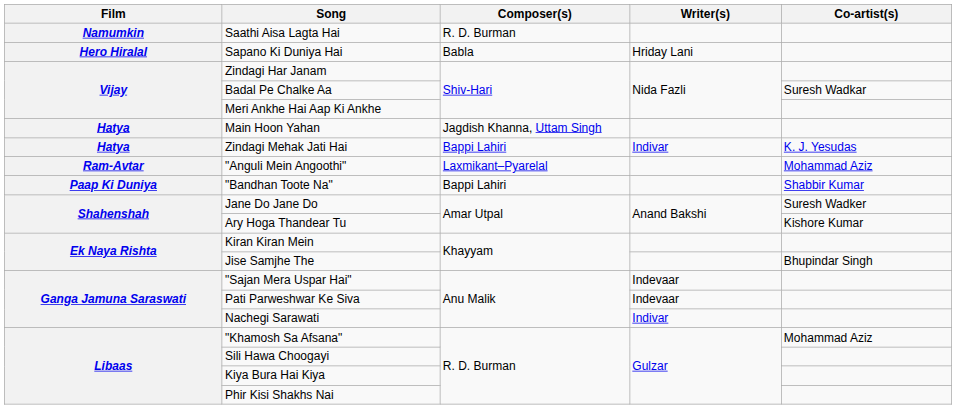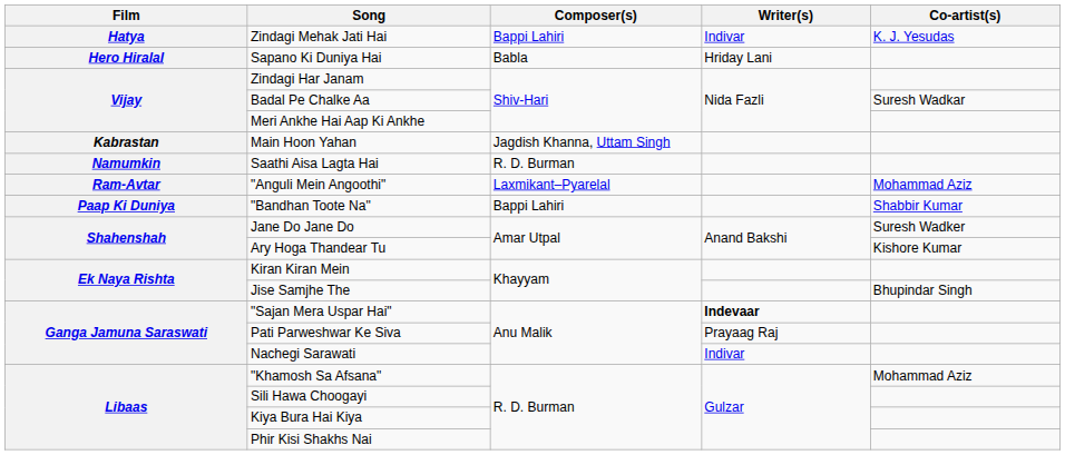 <table class="wikitable plainrowheaders" style="width:100%; textcolor:#000">
 <tr style="background:#b0e0e66;">
 <th scope="col" style="width:23%;"><strong>Film</strong></th>
 <th scope="col" style="width:23%;"><strong>Song</strong></th>
 <th scope="col" style="width:20%;"><strong>Composer(s)</strong></th>
 <th scope="col" style="width:16%;"><strong>Writer(s)</strong></th>
 <th scope="col" style="width:18%;"><strong>Co-artist(s)</strong></th>
 </tr>
 <tr>
-<th><em><a href='#'>Namumkin</a></em></th>
-<td>Saathi Aisa Lagta Hai</td>
-<td>R. D. Burman</td>
-<td></td>
-<td></td>
+<th><em><a href='#'>Hatya</a></em></th>
+<td>Zindagi Mehak Jati Hai</td>
+<td><a href='#'>Bappi Lahiri</a></td>
+<td><a href='#'>Indivar</a></td>
+<td><a href='#'>K. J. Yesudas</a></td>
 </tr>
 <tr>
 <th><em><a href='#'>Hero Hiralal</a></em></th>
 <td>Sapano Ki Duniya Hai</td>
 <td>Babla</td>
 <td>Hriday Lani</td>
 <td></td>
 </tr>
 <tr>
 <th Rowspan=3><em><a href='#'>Vijay</a></em></th>
 <td>Zindagi Har Janam</td>
 <td rowspan=3><a href='#'>Shiv-Hari</a></td>
 <td rowspan=3>Nida Fazli</td>
 <td></td>
 </tr>
 <tr>
 <td>Badal Pe Chalke Aa</td>
 <td>Suresh Wadkar</td>
 </tr>
 <tr>
 <td>Meri Ankhe Hai Aap Ki Ankhe</td>
 <td></td>
 </tr>
 <tr>
-<th><em><a href='#'>Hatya</a></em></th>
+<th><em>Kabrastan</em></th>
 <td>Main Hoon Yahan</td>
 <td>Jagdish Khanna, <a href='#'>Uttam Singh</a></td>
 <td></td>
 <td></td>
 </tr>
 <tr>
-<th><em><a href='#'>Hatya</a></em></th>
-<td>Zindagi Mehak Jati Hai</td>
-<td><a href='#'>Bappi Lahiri</a></td>
-<td><a href='#'>Indivar</a></td>
-<td><a href='#'>K. J. Yesudas</a></td>
+<th><em><a href='#'>Namumkin</a></em></th>
+<td>Saathi Aisa Lagta Hai</td>
+<td>R. D. Burman</td>
+<td></td>
+<td></td>
 </tr>
 <tr>
 <th><em><a href='#'>Ram-Avtar</a></em></th>
 <td>"Anguli Mein Angoothi"</td>
 <td><a href='#'>Laxmikant–Pyarelal</a></td>
 <td></td>
 <td><a href='#'>Mohammad Aziz</a></td>
 </tr>
 <tr>
 <th><em><a href='#'>Paap Ki Duniya</a></em></th>
 <td>"Bandhan Toote Na"</td>
 <td>Bappi Lahiri</td>
 <td></td>
 <td><a href='#'>Shabbir Kumar</a></td>
 </tr>
 <tr>
 <th Rowspan=2><em><a href='#'>Shahenshah</a></em></th>
 <td>Jane Do Jane Do</td>
 <td rowspan=2>Amar Utpal</td>
 <td rowspan=2>Anand Bakshi</td>
 <td>Suresh Wadker</td>
 </tr>
 <tr>
 <td>Ary Hoga Thandear Tu</td>
 <td>Kishore Kumar</td>
 </tr>
 <tr>
 <th Rowspan=2><em><a href='#'>Ek Naya Rishta</a></em></th>
 <td>Kiran Kiran Mein</td>
 <td rowspan=2>Khayyam</td>
 <td></td>
 <td></td>
 </tr>
 <tr>
 <td>Jise Samjhe The</td>
 <td></td>
 <td>Bhupindar Singh</td>
 </tr>
 <tr>
 <th Rowspan=3><em><a href='#'>Ganga Jamuna Saraswati</a></em></th>
 <td>"Sajan Mera Uspar Hai"</td>
 <td rowspan=3>Anu Malik</td>
-<td>Indevaar</td>
+<td><strong>Indevaar</strong></td>
 <td></td>
 </tr>
 <tr>
 <td>Pati Parweshwar Ke Siva</td>
-<td>Indevaar</td>
+<td>Prayaag Raj</td>
 <td></td>
 </tr>
 <tr>
 <td>Nachegi Sarawati</td>
 <td><a href='#'>Indivar</a></td>
 <td></td>
 </tr>
 <tr>
 <th Rowspan=4><em><a href='#'>Libaas</a></em></th>
 <td>"Khamosh Sa Afsana"</td>
 <td rowspan=4>R. D. Burman</td>
 <td rowspan=4><a href='#'>Gulzar</a></td>
 <td>Mohammad Aziz</td>
 </tr>
 <tr>
 <td>Sili Hawa Choogayi</td>
 <td></td>
 </tr>
 <tr>
 <td>Kiya Bura Hai Kiya</td>
 <td></td>
 </tr>
 <tr>
 <td>Phir Kisi Shakhs Nai</td>
 <td></td>
 </tr>
 </table>
